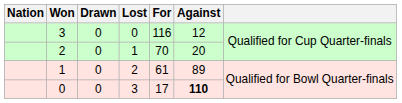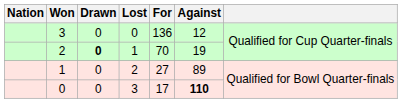 <table class="wikitable" style="text-align: center;">
 <tr>
 <th>Nation</th>
 <th>Won</th>
 <th>Drawn</th>
 <th>Lost</th>
 <th>For</th>
 <th>Against</th>
 <th></th>
 </tr>
 <tr bgcolor="#ccffcc">
 <td align="left"></td>
 <td>3</td>
 <td>0</td>
 <td>0</td>
-<td>116</td>
+<td>136</td>
 <td>12</td>
 <td rowspan="2">Qualified for Cup Quarter-finals</td>
 </tr>
 <tr bgcolor="#ccffcc">
 <td align="left"></td>
 <td>2</td>
-<td>0</td>
+<td><strong>0</strong></td>
 <td>1</td>
 <td>70</td>
-<td>20</td>
+<td>19</td>
 </tr>
 <tr bgcolor="FFE4E1">
 <td align="left"></td>
 <td>1</td>
 <td>0</td>
 <td>2</td>
-<td>61</td>
+<td>27</td>
 <td>89</td>
 <td rowspan="2">Qualified for Bowl Quarter-finals</td>
 </tr>
 <tr bgcolor="FFE4E1">
 <td align="left"></td>
 <td>0</td>
 <td>0</td>
 <td>3</td>
 <td>17</td>
 <td><strong>110</strong></td>
 </tr>
 </table>
